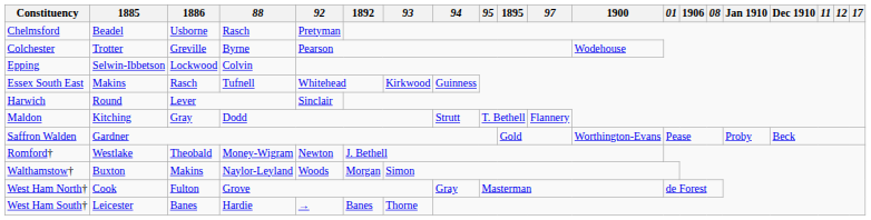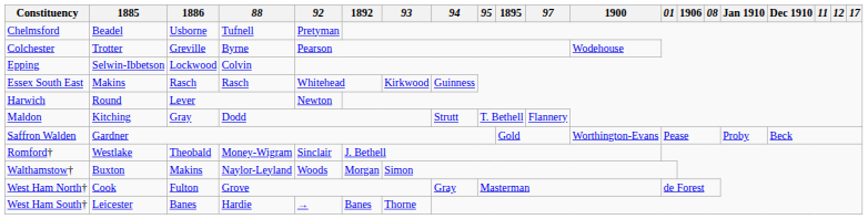 <table class="wikitable">
 <tr>
 <th>Constituency</th>
 <th>1885</th>
 <th>1886</th>
 <th><em>88</em></th>
 <th><em>92</em></th>
 <th>1892</th>
 <th><em>93</em></th>
 <th><em>94</em></th>
 <th><em>95</em></th>
 <th>1895</th>
 <th><em>97</em></th>
 <th>1900</th>
 <th><em>01</em></th>
 <th>1906</th>
 <th><em>08</em></th>
 <th>Jan 1910</th>
 <th>Dec 1910</th>
 <th><em>11</em></th>
 <th><em>12</em></th>
 <th><em>17</em></th>
 </tr>
 <tr>
 <td><a href='#'>Chelmsford</a></td>
 <td><a href='#'>Beadel</a></td>
 <td><a href='#'>Usborne</a></td>
-<td><a href='#'>Rasch</a></td>
+<td><a href='#'>Tufnell</a></td>
 <td><a href='#'>Pretyman</a></td>
 </tr>
 <tr>
 <td><a href='#'>Colchester</a></td>
 <td><a href='#'>Trotter</a></td>
 <td><a href='#'>Greville</a></td>
 <td><a href='#'>Byrne</a></td>
 <td colspan="7"><a href='#'>Pearson</a></td>
 <td><a href='#'>Wodehouse</a></td>
 </tr>
 <tr>
 <td><a href='#'>Epping</a></td>
 <td><a href='#'>Selwin-Ibbetson</a></td>
 <td><a href='#'>Lockwood</a></td>
 <td><a href='#'>Colvin</a></td>
 </tr>
 <tr>
 <td><a href='#'>Essex South East</a></td>
 <td><a href='#'>Makins</a></td>
 <td><a href='#'>Rasch</a></td>
-<td><a href='#'>Tufnell</a></td>
+<td><a href='#'>Rasch</a></td>
 <td colspan="2"><a href='#'>Whitehead</a></td>
 <td><a href='#'>Kirkwood</a></td>
 <td><a href='#'>Guinness</a></td>
 </tr>
 <tr>
 <td><a href='#'>Harwich</a></td>
 <td><a href='#'>Round</a></td>
 <td colspan="2"><a href='#'>Lever</a></td>
-<td><a href='#'>Sinclair</a></td>
+<td><a href='#'>Newton</a></td>
 </tr>
 <tr>
 <td><a href='#'>Maldon</a></td>
 <td bgcolor=><a href='#'>Kitching</a></td>
 <td><a href='#'>Gray</a></td>
 <td colspan="4"><a href='#'>Dodd</a></td>
 <td><a href='#'>Strutt</a></td>
 <td colspan="2"><a href='#'>T. Bethell</a></td>
 <td><a href='#'>Flannery</a></td>
 </tr>
 <tr>
 <td><a href='#'>Saffron Walden</a></td>
 <td colspan="8"><a href='#'>Gardner</a></td>
 <td colspan="2"><a href='#'>Gold</a></td>
 <td><a href='#'>Worthington-Evans</a></td>
 <td colspan="3"><a href='#'>Pease</a></td>
 <td><a href='#'>Proby</a></td>
 <td colspan="4"><a href='#'>Beck</a></td>
 </tr>
 <tr>
 <td><a href='#'>Romford</a>†</td>
 <td bgcolor=><a href='#'>Westlake</a></td>
 <td><a href='#'>Theobald</a></td>
 <td><a href='#'>Money-Wigram</a></td>
-<td><a href='#'>Newton</a></td>
+<td><a href='#'>Sinclair</a></td>
 <td colspan="7"><a href='#'>J. Bethell</a></td>
 </tr>
 <tr>
 <td><a href='#'>Walthamstow</a>†</td>
 <td bgcolor=><a href='#'>Buxton</a></td>
 <td><a href='#'>Makins</a></td>
 <td><a href='#'>Naylor-Leyland</a></td>
 <td><a href='#'>Woods</a></td>
 <td><a href='#'>Morgan</a></td>
 <td colspan="7"><a href='#'>Simon</a></td>
 </tr>
 <tr>
 <td><a href='#'>West Ham North</a>†</td>
 <td bgcolor=><a href='#'>Cook</a></td>
 <td><a href='#'>Fulton</a></td>
 <td colspan="4"><a href='#'>Grove</a></td>
 <td><a href='#'>Gray</a></td>
 <td colspan="4"><a href='#'>Masterman</a></td>
 <td colspan="3"><a href='#'>de Forest</a></td>
 </tr>
 <tr>
 <td><a href='#'>West Ham South</a>†</td>
 <td bgcolor=><a href='#'>Leicester</a></td>
 <td><a href='#'>Banes</a></td>
 <td><a href='#'>Hardie</a></td>
 <td><a href='#'>→</a></td>
 <td><a href='#'>Banes</a></td>
 <td><a href='#'>Thorne</a></td>
 </tr>
 </table>
